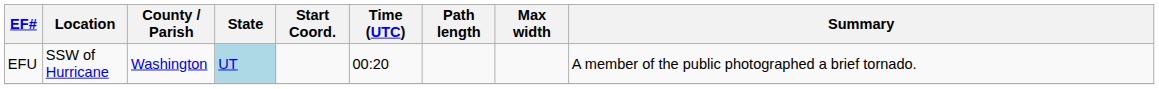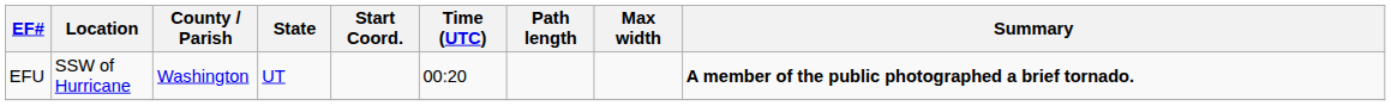 <table class="wikitable sortable" style="width:100%;">
 <tr>
 <th scope="col"  style="width:3%; text-align:center;"><a href='#'>EF#</a></th>
 <th scope="col"  style="width:7%; text-align:center;" class="unsortable">Location</th>
 <th scope="col"  style="width:6%; text-align:center;" class="unsortable">County / Parish</th>
 <th scope="col"  style="width:5%; text-align:center;">State</th>
 <th scope="col"  style="width:6%; text-align:center;">Start Coord.</th>
 <th scope="col"  style="width:6%; text-align:center;">Time (<a href='#'>UTC</a>)</th>
 <th scope="col"  style="width:6%; text-align:center;">Path length</th>
 <th scope="col"  style="width:6%; text-align:center;">Max width</th>
 <th scope="col" class="unsortable" style="width:48%; text-align:center;">Summary</th>
 </tr>
 <tr>
 <td>EFU</td>
 <td>SSW of <a href='#'>Hurricane</a></td>
 <td><a href='#'>Washington</a></td>
-<td style="background: lightblue;"><a href='#'>UT</a></td>
+<td><a href='#'>UT</a></td>
 <td></td>
 <td>00:20</td>
 <td></td>
 <td></td>
-<td>A member of the public photographed a brief tornado.</td>
+<td><strong>A member of the public photographed a brief tornado.</strong></td>
 </tr>
 <tr>
 </tr>
 </table>
